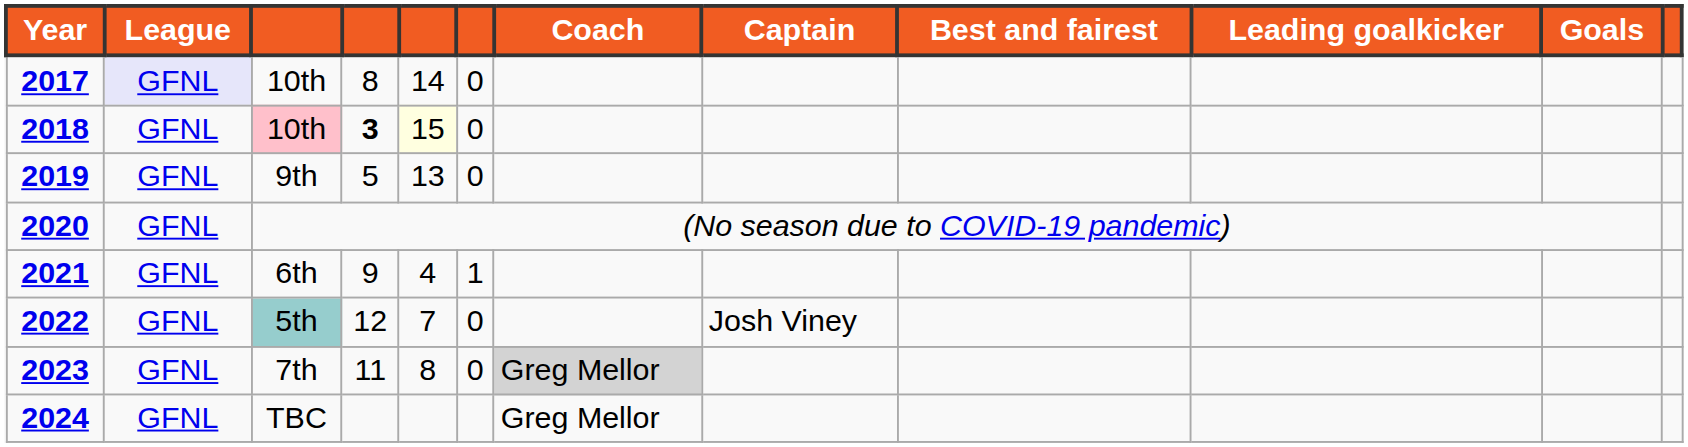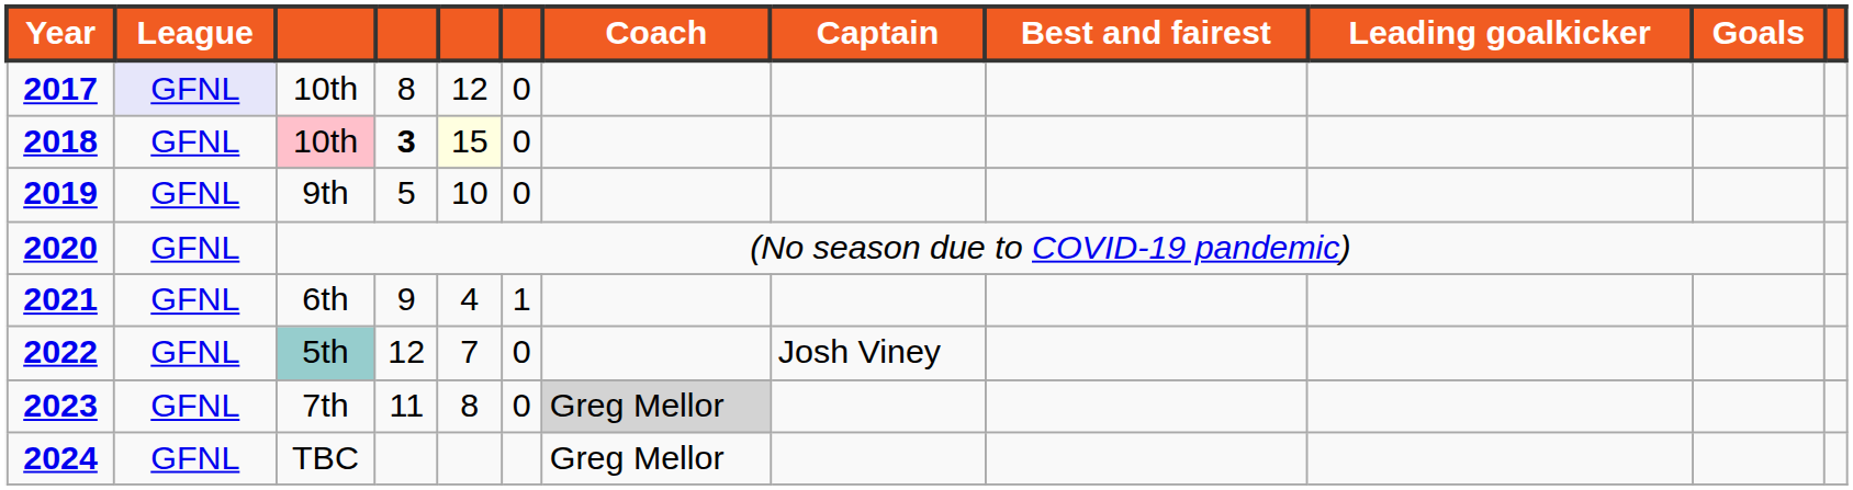 <table class="wikitable"; style="width:100%;">
 <tr>
 <th style="background:#F15C22; color:#FFFFFF; border:solid #343433 2px">Year</th>
 <th style="background:#F15C22; color:#FFFFFF; border:solid #343433 2px">League</th>
 <th style="background:#F15C22; color:#FFFFFF; border:solid #343433 2px"></th>
 <th style="background:#F15C22; color:#FFFFFF; border:solid #343433 2px"></th>
 <th style="background:#F15C22; color:#FFFFFF; border:solid #343433 2px"></th>
 <th style="background:#F15C22; color:#FFFFFF; border:solid #343433 2px"></th>
 <th style="background:#F15C22; color:#FFFFFF; border:solid #343433 2px">Coach</th>
 <th style="background:#F15C22; color:#FFFFFF; border:solid #343433 2px">Captain</th>
 <th style="background:#F15C22; color:#FFFFFF; border:solid #343433 2px">Best and fairest</th>
 <th style="background:#F15C22; color:#FFFFFF; border:solid #343433 2px">Leading goalkicker</th>
 <th style="background:#F15C22; color:#FFFFFF; border:solid #343433 2px">Goals</th>
 <th style="background:#F15C22; color:#FFFFFF; border:solid #343433 2px"></th>
 </tr>
 <tr>
 <td align="center"><strong><a href='#'>2017</a></strong></td>
 <td align="center" style="background: lavender;"><a href='#'>GFNL</a></td>
 <td align="center">10th</td>
 <td align="center">8</td>
-<td align="center">14</td>
+<td align="center">12</td>
 <td align="center">0</td>
 <td></td>
 <td></td>
 <td></td>
 <td></td>
 <td align="center"></td>
 <td align="center"></td>
 </tr>
 <tr>
 <td align="center"><strong><a href='#'>2018</a></strong></td>
 <td align="center"><a href='#'>GFNL</a></td>
 <td align="center" style="background: pink;">10th</td>
 <td align="center"><strong>3</strong></td>
 <td align="center" style="background: lightyellow;">15</td>
 <td align="center">0</td>
 <td></td>
 <td></td>
 <td></td>
 <td></td>
 <td align="center"></td>
 <td align="center"></td>
 </tr>
 <tr>
 <td align="center"><strong><a href='#'>2019</a></strong></td>
 <td align="center"><a href='#'>GFNL</a></td>
 <td align="center">9th</td>
 <td align="center">5</td>
-<td align="center">13</td>
+<td align="center">10</td>
 <td align="center">0</td>
 <td></td>
 <td></td>
 <td></td>
 <td></td>
 <td align="center"></td>
 <td align="center"></td>
 </tr>
 <tr>
 <td align="center"><strong><a href='#'>2020</a></strong></td>
 <td align="center"><a href='#'>GFNL</a></td>
 <td colspan="9"; align="center"><em>(No season due to <a href='#'>COVID-19 pandemic</a>)</em></td>
 <td align="center"></td>
 </tr>
 <tr>
 <td align="center"><strong><a href='#'>2021</a></strong></td>
 <td align="center"><a href='#'>GFNL</a></td>
 <td align="center">6th</td>
 <td align="center">9</td>
 <td align="center">4</td>
 <td align="center">1</td>
 <td></td>
 <td></td>
 <td></td>
 <td></td>
 <td align="center"></td>
 <td align="center"></td>
 </tr>
 <tr>
 <td align="center"><strong><a href='#'>2022</a></strong></td>
 <td align="center"><a href='#'>GFNL</a></td>
 <td style=background:#96CDCD; align="center">5th</td>
 <td align="center">12</td>
 <td align="center">7</td>
 <td align="center">0</td>
 <td></td>
 <td>Josh Viney</td>
 <td></td>
 <td></td>
 <td align="center"></td>
 <td align="center"></td>
 </tr>
 <tr>
 <td align="center"><strong><a href='#'>2023</a></strong></td>
 <td align="center"><a href='#'>GFNL</a></td>
 <td align="center">7th</td>
 <td align="center">11</td>
 <td align="center">8</td>
 <td align="center">0</td>
 <td style="background: lightgrey;">Greg Mellor</td>
 <td></td>
 <td></td>
 <td></td>
 <td align="center"></td>
 <td align="center"></td>
 </tr>
 <tr>
 <td align="center"><strong><a href='#'>2024</a></strong></td>
 <td align="center"><a href='#'>GFNL</a></td>
 <td align="center">TBC</td>
 <td align="center"></td>
 <td align="center"></td>
 <td align="center"></td>
 <td>Greg Mellor</td>
 <td></td>
 <td></td>
 <td></td>
 <td align="center"></td>
 <td align="center"></td>
 </tr>
 </table>
